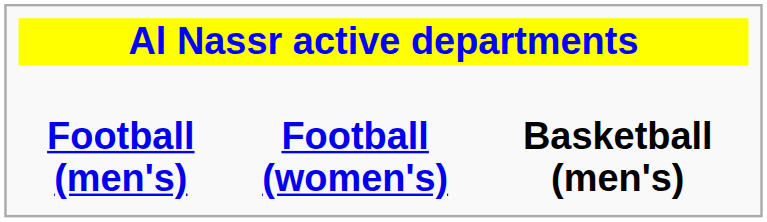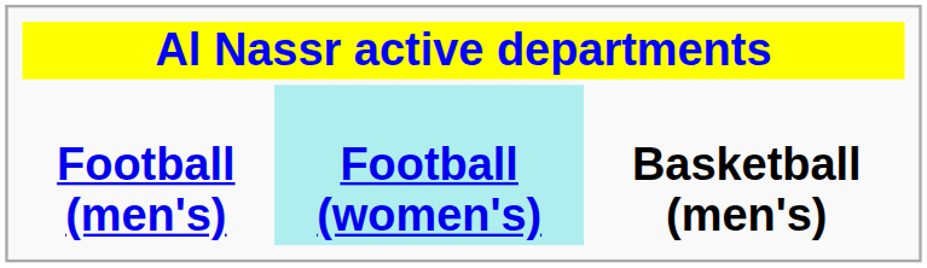 <table class="infobox" style="width: 20em; font-size: 95%em;">
 <tr style="color:blue; background:yellow; text-align:center;">
 <th colspan="3" style="text-align: center">Al Nassr active departments</th>
 </tr>
 <tr style="text-align: center">
 <td><br><strong><a href='#'>Football<br>(men's)</a></strong></td>
-<td><br><strong><a href='#'>Football<br>(women's)</a></strong></td>
+<td style="background: paleturquoise;"><br><strong><a href='#'>Football<br>(women's)</a></strong></td>
 <td><br><strong>Basketball<br>(men's)</strong></td>
 </tr>
 </table>
